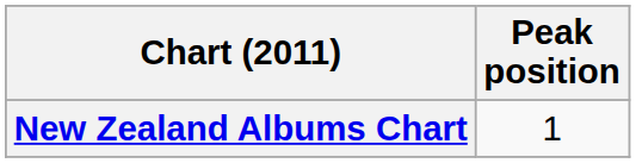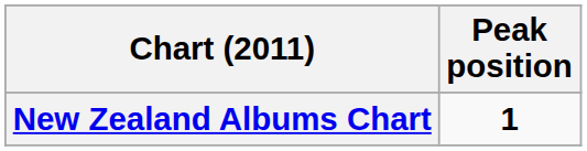 <table class="wikitable plainrowheaders">
 <tr>
 <th>Chart (2011)</th>
 <th>Peak<br>position</th>
 </tr>
 <tr>
 <th scope="row"><a href='#'>New Zealand Albums Chart</a></th>
-<td style="text-align:center;">1</td>
+<td style="text-align:center;"><strong>1</strong></td>
 </tr>
 </table>
